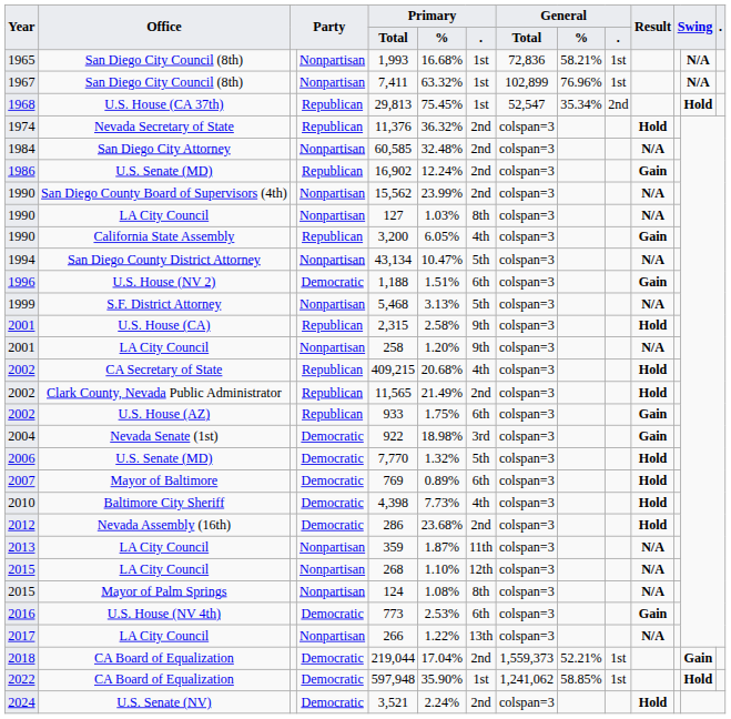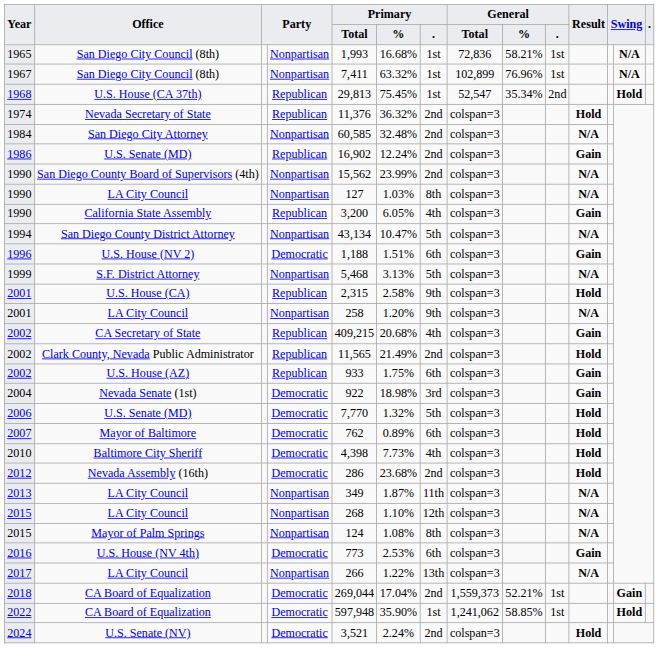 <table class="wikitable" style="font-size:90%; text-align:center;">
 <tr>
 <th style="background-color:#EAECF0;" rowspan=2>Year</th>
 <th style="background-color:#EAECF0;" rowspan=2>Office</th>
 <th style="background-color:#EAECF0;" colspan=2 rowspan=2>Party</th>
 <th style="background-color:#EAECF0;" colspan=3>Primary</th>
 <th style="background-color:#EAECF0;" colspan=3>General</th>
 <th style="background-color:#EAECF0;" rowspan=2>Result</th>
 <th style="background-color:#EAECF0;" colspan=2 rowspan=2><a href='#'>Swing</a></th>
 <th style="background-color:#EAECF0;" rowspan=2>.</th>
 </tr>
 <tr>
 <th style="background-color:#EAECF0;">Total</th>
 <th style="background-color:#EAECF0;">%</th>
 <th style="background-color:#EAECF0;">.</th>
 <th style="background-color:#EAECF0;">Total</th>
 <th style="background-color:#EAECF0;">%</th>
 <th style="background-color:#EAECF0;">.</th>
 </tr>
 <tr>
 <td style="background-color:#EAECF0;">1965</td>
 <td><a href='#'>San Diego City Council</a> (8th)</td>
 <td style="background-color:"></td>
 <td><a href='#'>Nonpartisan</a></td>
 <td>1,993</td>
 <td>16.68%</td>
 <td>1st</td>
 <td>72,836</td>
 <td>58.21%</td>
 <td>1st</td>
 <td></td>
 <td style="background-color:"></td>
 <td><strong>N/A</strong></td>
 <td></td>
 </tr>
 <tr>
 <td style="background-color:#EAECF0;">1967</td>
 <td><a href='#'>San Diego City Council</a> (8th)</td>
 <td style="background-color:"></td>
 <td><a href='#'>Nonpartisan</a></td>
 <td>7,411</td>
 <td>63.32%</td>
 <td>1st</td>
 <td>102,899</td>
 <td>76.96%</td>
 <td>1st</td>
 <td></td>
 <td style="background-color:"></td>
 <td><strong>N/A</strong></td>
 <td></td>
 </tr>
 <tr>
 <td style="background-color:#EAECF0;"><a href='#'>1968</a></td>
 <td><a href='#'>U.S. House (CA 37th)</a></td>
 <td style="background-color:"></td>
 <td><a href='#'>Republican</a></td>
 <td>29,813</td>
 <td>75.45%</td>
 <td>1st</td>
 <td>52,547</td>
 <td>35.34%</td>
 <td>2nd</td>
 <td></td>
 <td style="background-color:"></td>
 <td><strong>Hold</strong></td>
 <td></td>
 </tr>
 <tr>
 <td style="background-color:#EAECF0;">1974</td>
 <td><a href='#'>Nevada Secretary of State</a></td>
 <td style="background-color:"></td>
 <td><a href='#'>Republican</a></td>
 <td>11,376</td>
 <td>36.32%</td>
 <td>2nd</td>
 <td>colspan=3 </td>
 <td></td>
 <td style="background-color:"></td>
 <td><strong>Hold</strong></td>
 <td></td>
 </tr>
 <tr>
 <td style="background-color:#EAECF0;">1984</td>
 <td><a href='#'>San Diego City Attorney</a></td>
 <td style="background-color:"></td>
 <td><a href='#'>Nonpartisan</a></td>
 <td>60,585</td>
 <td>32.48%</td>
 <td>2nd</td>
 <td>colspan=3 </td>
 <td></td>
 <td style="background-color:"></td>
 <td><strong>N/A</strong></td>
 <td></td>
 </tr>
 <tr>
 <td style="background-color:#EAECF0;"><a href='#'>1986</a></td>
 <td><a href='#'>U.S. Senate (MD)</a></td>
 <td style="background-color:"></td>
 <td><a href='#'>Republican</a></td>
 <td>16,902</td>
 <td>12.24%</td>
 <td>2nd</td>
 <td>colspan=3 </td>
 <td></td>
 <td style="background-color:"></td>
 <td><strong>Gain</strong></td>
 <td></td>
 </tr>
 <tr>
 <td style="background-color:#EAECF0;">1990</td>
 <td><a href='#'>San Diego County Board of Supervisors</a> (4th)</td>
 <td style="background-color:"></td>
 <td><a href='#'>Nonpartisan</a></td>
 <td>15,562</td>
 <td>23.99%</td>
 <td>2nd</td>
 <td>colspan=3 </td>
 <td></td>
 <td style="background-color:"></td>
 <td><strong>N/A</strong></td>
 <td></td>
 </tr>
 <tr>
 <td style="background-color:#EAECF0;">1990</td>
 <td><a href='#'>LA City Council</a></td>
 <td style="background-color:"></td>
 <td><a href='#'>Nonpartisan</a></td>
 <td>127</td>
 <td>1.03%</td>
 <td>8th</td>
 <td>colspan=3 </td>
 <td></td>
 <td style="background-color:"></td>
 <td><strong>N/A</strong></td>
 <td></td>
 </tr>
 <tr>
 <td style="background-color:#EAECF0;">1990</td>
 <td><a href='#'>California State Assembly</a></td>
 <td style="background-color:"></td>
 <td><a href='#'>Republican</a></td>
 <td>3,200</td>
 <td>6.05%</td>
 <td>4th</td>
 <td>colspan=3 </td>
 <td></td>
 <td style="background-color:"></td>
 <td><strong>Gain</strong></td>
 <td></td>
 </tr>
 <tr>
 <td style="background-color:#EAECF0;">1994</td>
 <td><a href='#'>San Diego County District Attorney</a></td>
 <td style="background-color:"></td>
 <td><a href='#'>Nonpartisan</a></td>
 <td>43,134</td>
 <td>10.47%</td>
 <td>5th</td>
 <td>colspan=3 </td>
 <td></td>
 <td style="background-color:"></td>
 <td><strong>N/A</strong></td>
 <td></td>
 </tr>
 <tr>
 <td style="background-color:#EAECF0;"><a href='#'>1996</a></td>
 <td><a href='#'>U.S. House (NV 2)</a></td>
 <td style="background-color:"></td>
 <td><a href='#'>Democratic</a></td>
 <td>1,188</td>
 <td>1.51%</td>
 <td>6th</td>
 <td>colspan=3 </td>
 <td></td>
 <td style="background-color:"></td>
 <td><strong>Gain</strong></td>
 <td></td>
 </tr>
 <tr>
 <td style="background-color:#EAECF0;">1999</td>
 <td><a href='#'>S.F. District Attorney</a></td>
 <td style="background-color:"></td>
 <td><a href='#'>Nonpartisan</a></td>
 <td>5,468</td>
 <td>3.13%</td>
 <td>5th</td>
 <td>colspan=3 </td>
 <td></td>
 <td style="background-color:"></td>
 <td><strong>N/A</strong></td>
 <td></td>
 </tr>
 <tr>
 <td style="background-color:#EAECF0;"><a href='#'>2001</a></td>
 <td><a href='#'>U.S. House (CA)</a></td>
 <td style="background-color:"></td>
 <td><a href='#'>Republican</a></td>
 <td>2,315</td>
 <td>2.58%</td>
 <td>9th</td>
 <td>colspan=3 </td>
 <td></td>
 <td style="background-color:"></td>
 <td><strong>Hold</strong></td>
 <td></td>
 </tr>
 <tr>
 <td style="background-color:#EAECF0;">2001</td>
 <td><a href='#'>LA City Council</a></td>
 <td style="background-color:"></td>
 <td><a href='#'>Nonpartisan</a></td>
 <td>258</td>
 <td>1.20%</td>
 <td>9th</td>
 <td>colspan=3 </td>
 <td></td>
 <td style="background-color:"></td>
 <td><strong>N/A</strong></td>
 <td></td>
 </tr>
 <tr>
 <td style="background-color:#EAECF0;"><a href='#'>2002</a></td>
 <td><a href='#'>CA Secretary of State</a></td>
 <td style="background-color:"></td>
 <td><a href='#'>Republican</a></td>
 <td>409,215</td>
 <td>20.68%</td>
 <td>4th</td>
 <td>colspan=3 </td>
 <td></td>
 <td style="background-color:"></td>
-<td><strong>Hold</strong></td>
+<td><strong>Gain</strong></td>
 <td></td>
 </tr>
 <tr>
 <td style="background-color:#EAECF0;">2002</td>
 <td><a href='#'>Clark County, Nevada</a> Public Administrator</td>
 <td style="background-color:"></td>
 <td><a href='#'>Republican</a></td>
 <td>11,565</td>
 <td>21.49%</td>
 <td>2nd</td>
 <td>colspan=3 </td>
 <td></td>
 <td style="background-color:"></td>
 <td><strong>Hold</strong></td>
 <td></td>
 </tr>
 <tr>
 <td style="background-color:#EAECF0;"><a href='#'>2002</a></td>
 <td><a href='#'>U.S. House (AZ)</a></td>
 <td style="background-color:"></td>
 <td><a href='#'>Republican</a></td>
 <td>933</td>
 <td>1.75%</td>
 <td>6th</td>
 <td>colspan=3 </td>
 <td></td>
 <td style="background-color:"></td>
 <td><strong>Gain</strong></td>
 <td></td>
 </tr>
 <tr>
 <td style="background-color:#EAECF0;">2004</td>
 <td><a href='#'>Nevada Senate</a> (1st)</td>
 <td style="background-color:"></td>
 <td><a href='#'>Democratic</a></td>
 <td>922</td>
 <td>18.98%</td>
 <td>3rd</td>
 <td>colspan=3 </td>
 <td></td>
 <td style="background-color:"></td>
 <td><strong>Gain</strong></td>
 <td></td>
 </tr>
 <tr>
 <td style="background-color:#EAECF0;"><a href='#'>2006</a></td>
 <td><a href='#'>U.S. Senate (MD)</a></td>
 <td style="background-color:"></td>
 <td><a href='#'>Democratic</a></td>
 <td>7,770</td>
 <td>1.32%</td>
 <td>5th</td>
 <td>colspan=3 </td>
 <td></td>
 <td style="background-color:"></td>
 <td><strong>Hold</strong></td>
 <td></td>
 </tr>
 <tr>
 <td style="background-color:#EAECF0;"><a href='#'>2007</a></td>
 <td><a href='#'>Mayor of Baltimore</a></td>
 <td style="background-color:"></td>
 <td><a href='#'>Democratic</a></td>
-<td>769</td>
+<td>762</td>
 <td>0.89%</td>
 <td>6th</td>
 <td>colspan=3 </td>
 <td></td>
 <td style="background-color:"></td>
 <td><strong>Hold</strong></td>
 <td></td>
 </tr>
 <tr>
 <td style="background-color:#EAECF0;">2010</td>
 <td><a href='#'>Baltimore City Sheriff</a></td>
 <td style="background-color:"></td>
 <td><a href='#'>Democratic</a></td>
 <td>4,398</td>
 <td>7.73%</td>
 <td>4th</td>
 <td>colspan=3 </td>
 <td></td>
 <td style="background-color:"></td>
 <td><strong>Hold</strong></td>
 <td></td>
 </tr>
 <tr>
 <td style="background-color:#EAECF0;"><a href='#'>2012</a></td>
 <td><a href='#'>Nevada Assembly</a> (16th)</td>
 <td style="background-color:"></td>
 <td><a href='#'>Democratic</a></td>
 <td>286</td>
 <td>23.68%</td>
 <td>2nd</td>
 <td>colspan=3 </td>
 <td></td>
 <td style="background-color:"></td>
 <td><strong>Hold</strong></td>
 <td></td>
 </tr>
 <tr>
 <td style="background-color:#EAECF0;"><a href='#'>2013</a></td>
 <td><a href='#'>LA City Council</a></td>
 <td style="background-color:"></td>
 <td><a href='#'>Nonpartisan</a></td>
-<td>359</td>
+<td>349</td>
 <td>1.87%</td>
 <td>11th</td>
 <td>colspan=3 </td>
 <td></td>
 <td style="background-color:"></td>
 <td><strong>N/A</strong></td>
 <td></td>
 </tr>
 <tr>
 <td style="background-color:#EAECF0;"><a href='#'>2015</a></td>
 <td><a href='#'>LA City Council</a></td>
 <td style="background-color:"></td>
 <td><a href='#'>Nonpartisan</a></td>
 <td>268</td>
 <td>1.10%</td>
 <td>12th</td>
 <td>colspan=3 </td>
 <td></td>
 <td style="background-color:"></td>
 <td><strong>N/A</strong></td>
 <td></td>
 </tr>
 <tr>
 <td style="background-color:#EAECF0;">2015</td>
 <td><a href='#'>Mayor of Palm Springs</a></td>
 <td style="background-color:"></td>
 <td><a href='#'>Nonpartisan</a></td>
 <td>124</td>
 <td>1.08%</td>
 <td>8th</td>
 <td>colspan=3 </td>
 <td></td>
 <td style="background-color:"></td>
 <td><strong>N/A</strong></td>
 <td></td>
 </tr>
 <tr>
 <td style="background-color:#EAECF0;"><a href='#'>2016</a></td>
 <td><a href='#'>U.S. House (NV 4th)</a></td>
 <td style="background-color:"></td>
 <td><a href='#'>Democratic</a></td>
 <td>773</td>
 <td>2.53%</td>
 <td>6th</td>
 <td>colspan=3 </td>
 <td></td>
 <td style="background-color:"></td>
 <td><strong>Gain</strong></td>
 <td></td>
 </tr>
 <tr>
 <td style="background-color:#EAECF0;"><a href='#'>2017</a></td>
 <td><a href='#'>LA City Council</a></td>
 <td style="background-color:"></td>
 <td><a href='#'>Nonpartisan</a></td>
 <td>266</td>
 <td>1.22%</td>
 <td>13th</td>
 <td>colspan=3 </td>
 <td></td>
 <td style="background-color:"></td>
 <td><strong>N/A</strong></td>
 <td></td>
 </tr>
 <tr>
 <td style="background-color:#EAECF0;"><a href='#'>2018</a></td>
 <td><a href='#'>CA Board of Equalization</a></td>
 <td style="background-color:"></td>
 <td><a href='#'>Democratic</a></td>
-<td>219,044</td>
+<td>269,044</td>
 <td>17.04%</td>
 <td>2nd</td>
 <td>1,559,373</td>
 <td>52.21%</td>
 <td>1st</td>
 <td></td>
 <td style="background-color:"></td>
 <td><strong>Gain</strong></td>
 <td></td>
 </tr>
 <tr>
 <td style="background-color:#EAECF0;"><a href='#'>2022</a></td>
 <td><a href='#'>CA Board of Equalization</a></td>
 <td style="background-color:"></td>
 <td><a href='#'>Democratic</a></td>
 <td>597,948</td>
 <td>35.90%</td>
 <td>1st</td>
 <td>1,241,062</td>
 <td>58.85%</td>
 <td>1st</td>
 <td></td>
 <td style="background-color:"></td>
 <td><strong>Hold</strong></td>
 <td></td>
 </tr>
 <tr>
 <td style="background-color:#EAECF0;"><a href='#'>2024</a></td>
 <td><a href='#'>U.S. Senate (NV)</a></td>
 <td style="background-color:"></td>
 <td><a href='#'>Democratic</a></td>
 <td>3,521</td>
 <td>2.24%</td>
 <td>2nd</td>
 <td>colspan=3 </td>
 <td></td>
 <td style="background-color:"></td>
 <td><strong>Hold</strong></td>
 <td></td>
 </tr>
 </table>
